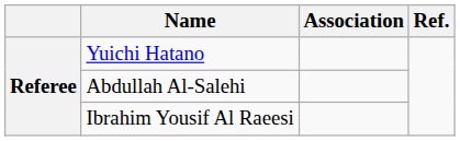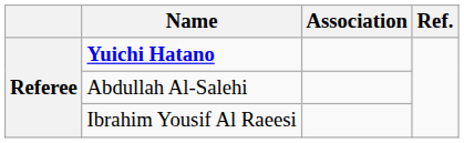 <table class="wikitable">
 <tr>
 <th></th>
 <th>Name</th>
 <th>Association</th>
 <th>Ref.</th>
 </tr>
 <tr>
 <th rowspan=3>Referee</th>
-<td><a href='#'>Yuichi Hatano</a></td>
+<td><strong><a href='#'>Yuichi Hatano</a></strong></td>
 <td></td>
 <td rowspan=3></td>
 </tr>
 <tr>
 <td>Abdullah Al-Salehi</td>
 <td></td>
 </tr>
 <tr>
 <td>Ibrahim Yousif Al Raeesi</td>
 <td {{center></td>
 </tr>
 </table>
